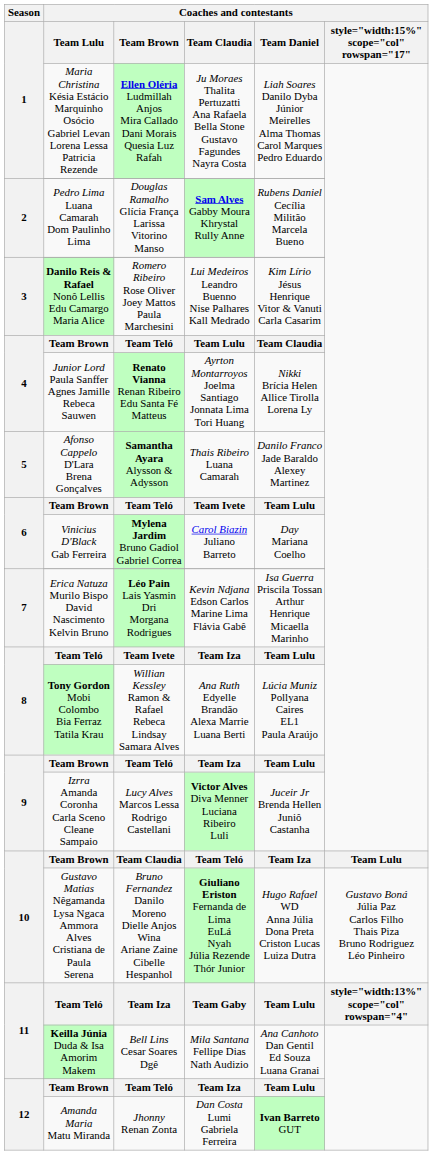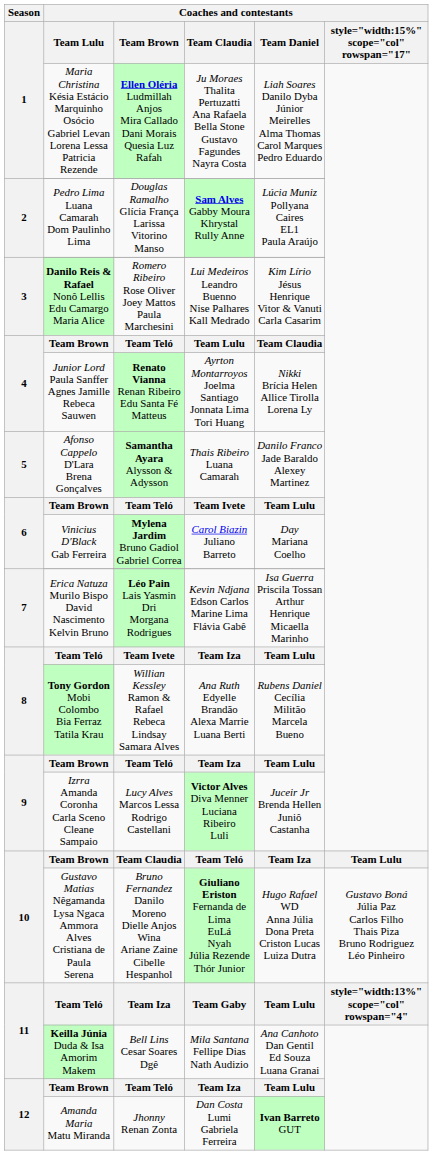 <table class="wikitable nowrap" style="text-align:center; font-size:100%; width:100%">
 <tr>
 <th style="width:5%">Season</th>
 <th colspan="5" style="width:75%">Coaches and contestants</th>
 </tr>
 <tr>
 <th scope="row" rowspan="2">1</th>
 <th style="width:15%" scope="col">Team Lulu</th>
 <th style="width:15%" scope="col">Team Brown</th>
 <th style="width:15%" scope="col">Team Claudia</th>
 <th style="width:15%" scope="col">Team Daniel</th>
 <th>style="width:15%" scope="col" rowspan="17" </th>
 </tr>
 <tr>
 <td><em>Maria Christina</em><br>Késia Estácio<br>Marquinho Osócio<br>Gabriel Levan<br>Lorena Lessa<br>Patricia Rezende</td>
 <td style="background:#BFFFC0"><strong><a href='#'>Ellen Oléria</a></strong><br>Ludmillah Anjos<br>Mira Callado<br>Dani Morais<br>Quesia Luz<br>Rafah</td>
 <td><em>Ju Moraes</em><br>Thalita Pertuzatti<br>Ana Rafaela<br>Bella Stone<br>Gustavo Fagundes<br>Nayra Costa</td>
 <td><em>Liah Soares</em><br>Danilo Dyba<br>Júnior Meirelles<br>Alma Thomas<br>Carol Marques<br>Pedro Eduardo</td>
 </tr>
 <tr>
 <th scope="row" rowspan="2">2</th>
 </tr>
 <tr>
 <td><em>Pedro Lima</em><br>Luana Camarah<br>Dom Paulinho Lima</td>
 <td><em>Douglas Ramalho</em><br>Glícia França<br>Larissa Vitorino<br>Manso</td>
 <td style="background:#BFFFC0"><strong><a href='#'>Sam Alves</a></strong><br>Gabby Moura<br>Khrystal<br>Rully Anne</td>
-<td><em>Rubens Daniel</em><br>Cecília Militão<br>Marcela Bueno</td>
+<td><em>Lúcia Muniz</em><br>Pollyana Caires<br>EL1<br>Paula Araújo</td>
 </tr>
 <tr>
 <th scope="row" rowspan="2">3</th>
 </tr>
 <tr>
 <td style="background:#BFFFC0"><strong>Danilo Reis & Rafael</strong><br>Nonô Lellis<br>Edu Camargo<br>Maria Alice</td>
 <td><em>Romero Ribeiro</em><br>Rose Oliver<br>Joey Mattos<br>Paula Marchesini</td>
 <td><em>Lui Medeiros</em><br>Leandro Buenno<br>Nise Palhares<br>Kall Medrado</td>
 <td><em>Kim Lírio</em><br>Jésus Henrique<br>Vitor & Vanuti<br>Carla Casarim</td>
 </tr>
 <tr>
 <th scope="row" rowspan="2">4</th>
 <th style="width:13%" scope="col">Team Brown</th>
 <th style="width:13%" scope="col">Team Teló</th>
 <th style="width:13%" scope="col">Team Lulu</th>
 <th style="width:13%" scope="col">Team Claudia</th>
 </tr>
 <tr>
 <td><em>Junior Lord</em><br>Paula Sanffer<br>Agnes Jamille<br>Rebeca Sauwen</td>
 <td style="background:#BFFFC0"><strong>Renato Vianna</strong><br>Renan Ribeiro<br>Edu Santa Fé<br>Matteus</td>
 <td><em>Ayrton Montarroyos</em><br>Joelma Santiago<br>Jonnata Lima<br>Tori Huang</td>
 <td><em>Nikki</em><br>Brícia Helen<br>Allice Tirolla<br>Lorena Ly</td>
 </tr>
 <tr>
 <th>5</th>
 <td><em>Afonso Cappelo</em><br>D'Lara<br>Brena Gonçalves</td>
 <td style="background:#BFFFC0"><strong>Samantha Ayara</strong><br>Alysson & Adysson</td>
 <td><em>Thais Ribeiro</em><br>Luana Camarah</td>
 <td><em>Danilo Franco</em><br>Jade Baraldo<br>Alexey Martinez</td>
 </tr>
 <tr>
 <th rowspan="2">6</th>
 <th style="width:13%" scope="col">Team Brown</th>
 <th style="width:13%" scope="col">Team Teló</th>
 <th style="width:13%" scope="col">Team Ivete</th>
 <th style="width:13%" scope="col">Team Lulu</th>
 </tr>
 <tr>
 <td><em>Vinicius D'Black</em><br>Gab Ferreira</td>
 <td style="background:#BFFFC0"><strong>Mylena Jardim</strong><br>Bruno Gadiol<br>Gabriel Correa</td>
 <td><em><a href='#'>Carol Biazin</a></em><br>Juliano Barreto</td>
 <td><em>Day</em><br>Mariana Coelho</td>
 </tr>
 <tr>
 <th rowspan="2">7</th>
 </tr>
 <tr>
 <td><em>Erica Natuza</em><br>Murilo Bispo<br>David Nascimento<br>Kelvin Bruno</td>
 <td style="background:#BFFFC0"><strong>Léo Pain</strong><br>Lais Yasmin<br>Dri<br>Morgana Rodrigues</td>
 <td><em>Kevin Ndjana</em><br>Edson Carlos<br>Marine Lima<br>Flávia Gabê</td>
 <td><em>Isa Guerra</em><br>Priscila Tossan<br>Arthur Henrique<br>Micaella Marinho</td>
 </tr>
 <tr>
 <th rowspan="2">8</th>
 <th>Team Teló</th>
 <th>Team Ivete</th>
 <th>Team Iza</th>
 <th>Team Lulu</th>
 </tr>
 <tr>
 <td style="background:#BFFFC0"><strong>Tony Gordon</strong><br>Mobi Colombo<br>Bia Ferraz<br>Tatila Krau</td>
 <td><em>Willian Kessley</em><br>Ramon & Rafael<br>Rebeca Lindsay<br>Samara Alves</td>
 <td><em>Ana Ruth</em><br>Edyelle Brandão<br>Alexa Marrie<br>Luana Berti</td>
-<td><em>Lúcia Muniz</em><br>Pollyana Caires<br>EL1<br>Paula Araújo</td>
+<td><em>Rubens Daniel</em><br>Cecília Militão<br>Marcela Bueno</td>
 </tr>
 <tr>
 <th rowspan="2">9</th>
 <th>Team Brown</th>
 <th>Team Teló</th>
 <th>Team Iza</th>
 <th>Team Lulu</th>
 </tr>
 <tr>
 <td><em>Izrra</em><br>Amanda Coronha<br>Carla Sceno<br>Cleane Sampaio</td>
 <td><em>Lucy Alves</em><br>Marcos Lessa<br>Rodrigo Castellani</td>
 <td style="background:#BFFFC0"><strong>Victor Alves</strong><br>Diva Menner<br>Luciana Ribeiro<br>Luli</td>
 <td><em>Juceir Jr</em><br>Brenda Hellen<br>Juniô Castanha</td>
 </tr>
 <tr>
 <th rowspan="2">10</th>
 <th>Team Brown</th>
 <th>Team Claudia</th>
 <th>Team Teló</th>
 <th>Team Iza</th>
 <th>Team Lulu</th>
 </tr>
 <tr>
 <td><em>Gustavo Matias</em><br>Nêgamanda<br>Lysa Ngaca<br>Ammora Alves<br>Cristiana de Paula<br>Serena</td>
 <td><em>Bruno Fernandez</em><br>Danilo Moreno<br>Dielle Anjos<br>Wina<br>Ariane Zaine<br>Cibelle Hespanhol</td>
 <td style="background:#BFFFC0"><strong>Giuliano Eriston</strong><br>Fernanda de Lima<br>EuLá<br>Nyah<br>Júlia Rezende<br>Thór Junior</td>
 <td><em>Hugo Rafael</em><br>WD<br>Anna Júlia<br>Dona Preta<br>Criston Lucas<br>Luiza Dutra</td>
 <td><em>Gustavo Boná</em><br>Júlia Paz<br>Carlos Filho<br>Thais Piza<br>Bruno Rodriguez<br>Léo Pinheiro</td>
 </tr>
 <tr>
 <th rowspan="2">11</th>
 <th>Team Teló</th>
 <th>Team Iza</th>
 <th>Team Gaby</th>
 <th>Team Lulu</th>
 <th>style="width:13%" scope="col" rowspan="4" </th>
 </tr>
 <tr>
 <td style="background:#BFFFC0"><strong>Keilla Júnia</strong><br>Duda & Isa Amorim<br>Makem</td>
 <td><em>Bell Lins</em><br>Cesar Soares<br>Dgê</td>
 <td><em>Mila Santana</em><br>Fellipe Dias<br>Nath Audizio</td>
 <td><em>Ana Canhoto</em><br>Dan Gentil<br>Ed Souza<br>Luana Granai</td>
 </tr>
 <tr>
 <th rowspan="2">12</th>
 <th>Team Brown</th>
 <th>Team Teló</th>
 <th>Team Iza</th>
 <th>Team Lulu</th>
 </tr>
 <tr>
 <td><em>Amanda Maria</em><br>Matu Miranda</td>
 <td><em>Jhonny</em><br>Renan Zonta</td>
 <td><em>Dan Costa</em><br>Lumi<br>Gabriela Ferreira</td>
 <td style="background:#BFFFC0"><strong>Ivan Barreto</strong><br>GUT</td>
 </tr>
 </table>
